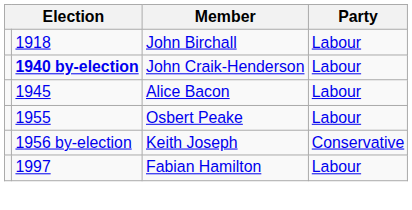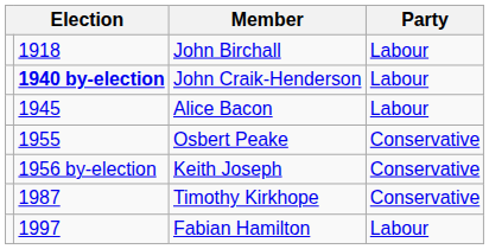 <table class="wikitable">
 <tr>
 <th colspan="2">Election</th>
 <th>Member</th>
 <th>Party</th>
 </tr>
 <tr>
 <td style="color:inherit;background-color: "></td>
 <td><a href='#'>1918</a></td>
 <td><a href='#'>John Birchall</a></td>
 <td><a href='#'>Labour</a></td>
 </tr>
 <tr>
 <td style="color:inherit;background-color: "></td>
 <td><strong><a href='#'>1940 by-election</a></strong></td>
 <td><a href='#'>John Craik-Henderson</a></td>
 <td><a href='#'>Labour</a></td>
 </tr>
 <tr>
 <td style="color:inherit;background-color: "></td>
 <td><a href='#'>1945</a></td>
 <td><a href='#'>Alice Bacon</a></td>
 <td><a href='#'>Labour</a></td>
 </tr>
 <tr>
 <td style="color:inherit;background-color: "></td>
 <td><a href='#'>1955</a></td>
 <td><a href='#'>Osbert Peake</a></td>
-<td><a href='#'>Labour</a></td>
+<td><a href='#'>Conservative</a></td>
 </tr>
 <tr>
 <td style="color:inherit;background-color: "></td>
 <td><a href='#'>1956 by-election</a></td>
 <td><a href='#'>Keith Joseph</a></td>
 <td><a href='#'>Conservative</a></td>
 </tr>
 <tr>
 <td style="color:inherit;background-color: "></td>
+<td><a href='#'>1987</a></td>
+<td><a href='#'>Timothy Kirkhope</a></td>
+<td><a href='#'>Conservative</a></td>
+</tr>
+<tr>
+<td style="color:inherit;background-color: "></td>
 <td><a href='#'>1997</a></td>
 <td><a href='#'>Fabian Hamilton</a></td>
 <td><a href='#'>Labour</a></td>
 </tr>
 </table>
